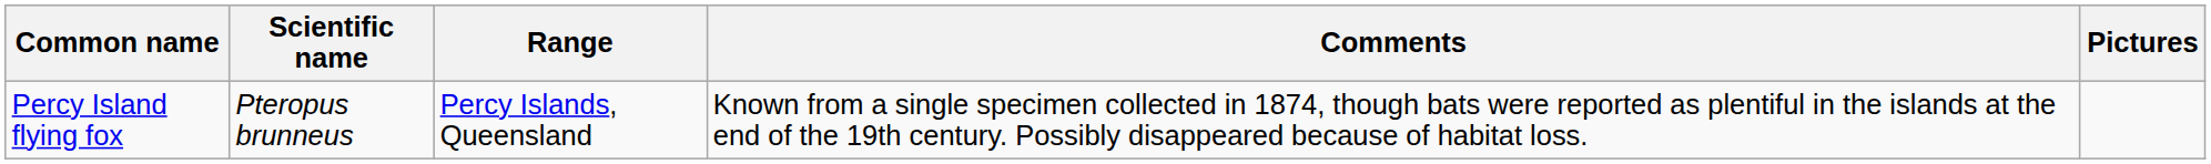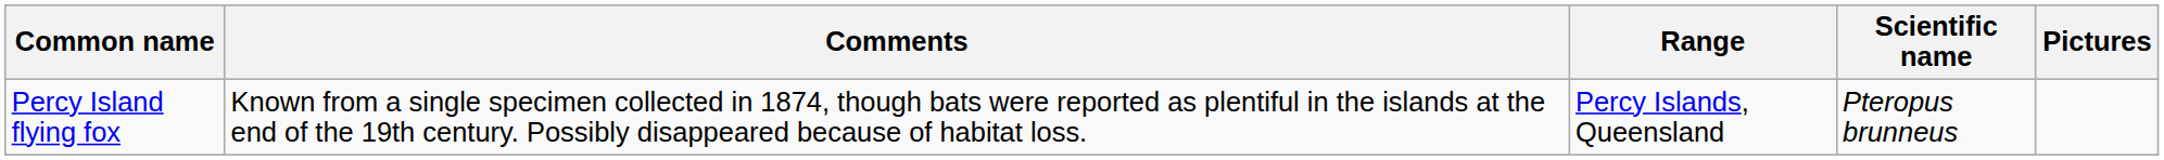 <table class="wikitable">
 <tr>
 <th>Common name</th>
+<th class="unsortable">Comments</th>
+<th>Range</th>
 <th>Scientific name</th>
-<th>Range</th>
-<th class="unsortable">Comments</th>
 <th class="unsortable">Pictures</th>
 </tr>
 <tr>
 <td><a href='#'>Percy Island flying fox</a></td>
+<td>Known from a single specimen collected in 1874, though bats were reported as plentiful in the islands at the end of the 19th century. Possibly disappeared because of habitat loss.</td>
+<td><a href='#'>Percy Islands</a>, Queensland</td>
 <td><em>Pteropus brunneus</em></td>
-<td><a href='#'>Percy Islands</a>, Queensland</td>
-<td>Known from a single specimen collected in 1874, though bats were reported as plentiful in the islands at the end of the 19th century. Possibly disappeared because of habitat loss.</td>
 <td></td>
 </tr>
 </table>
